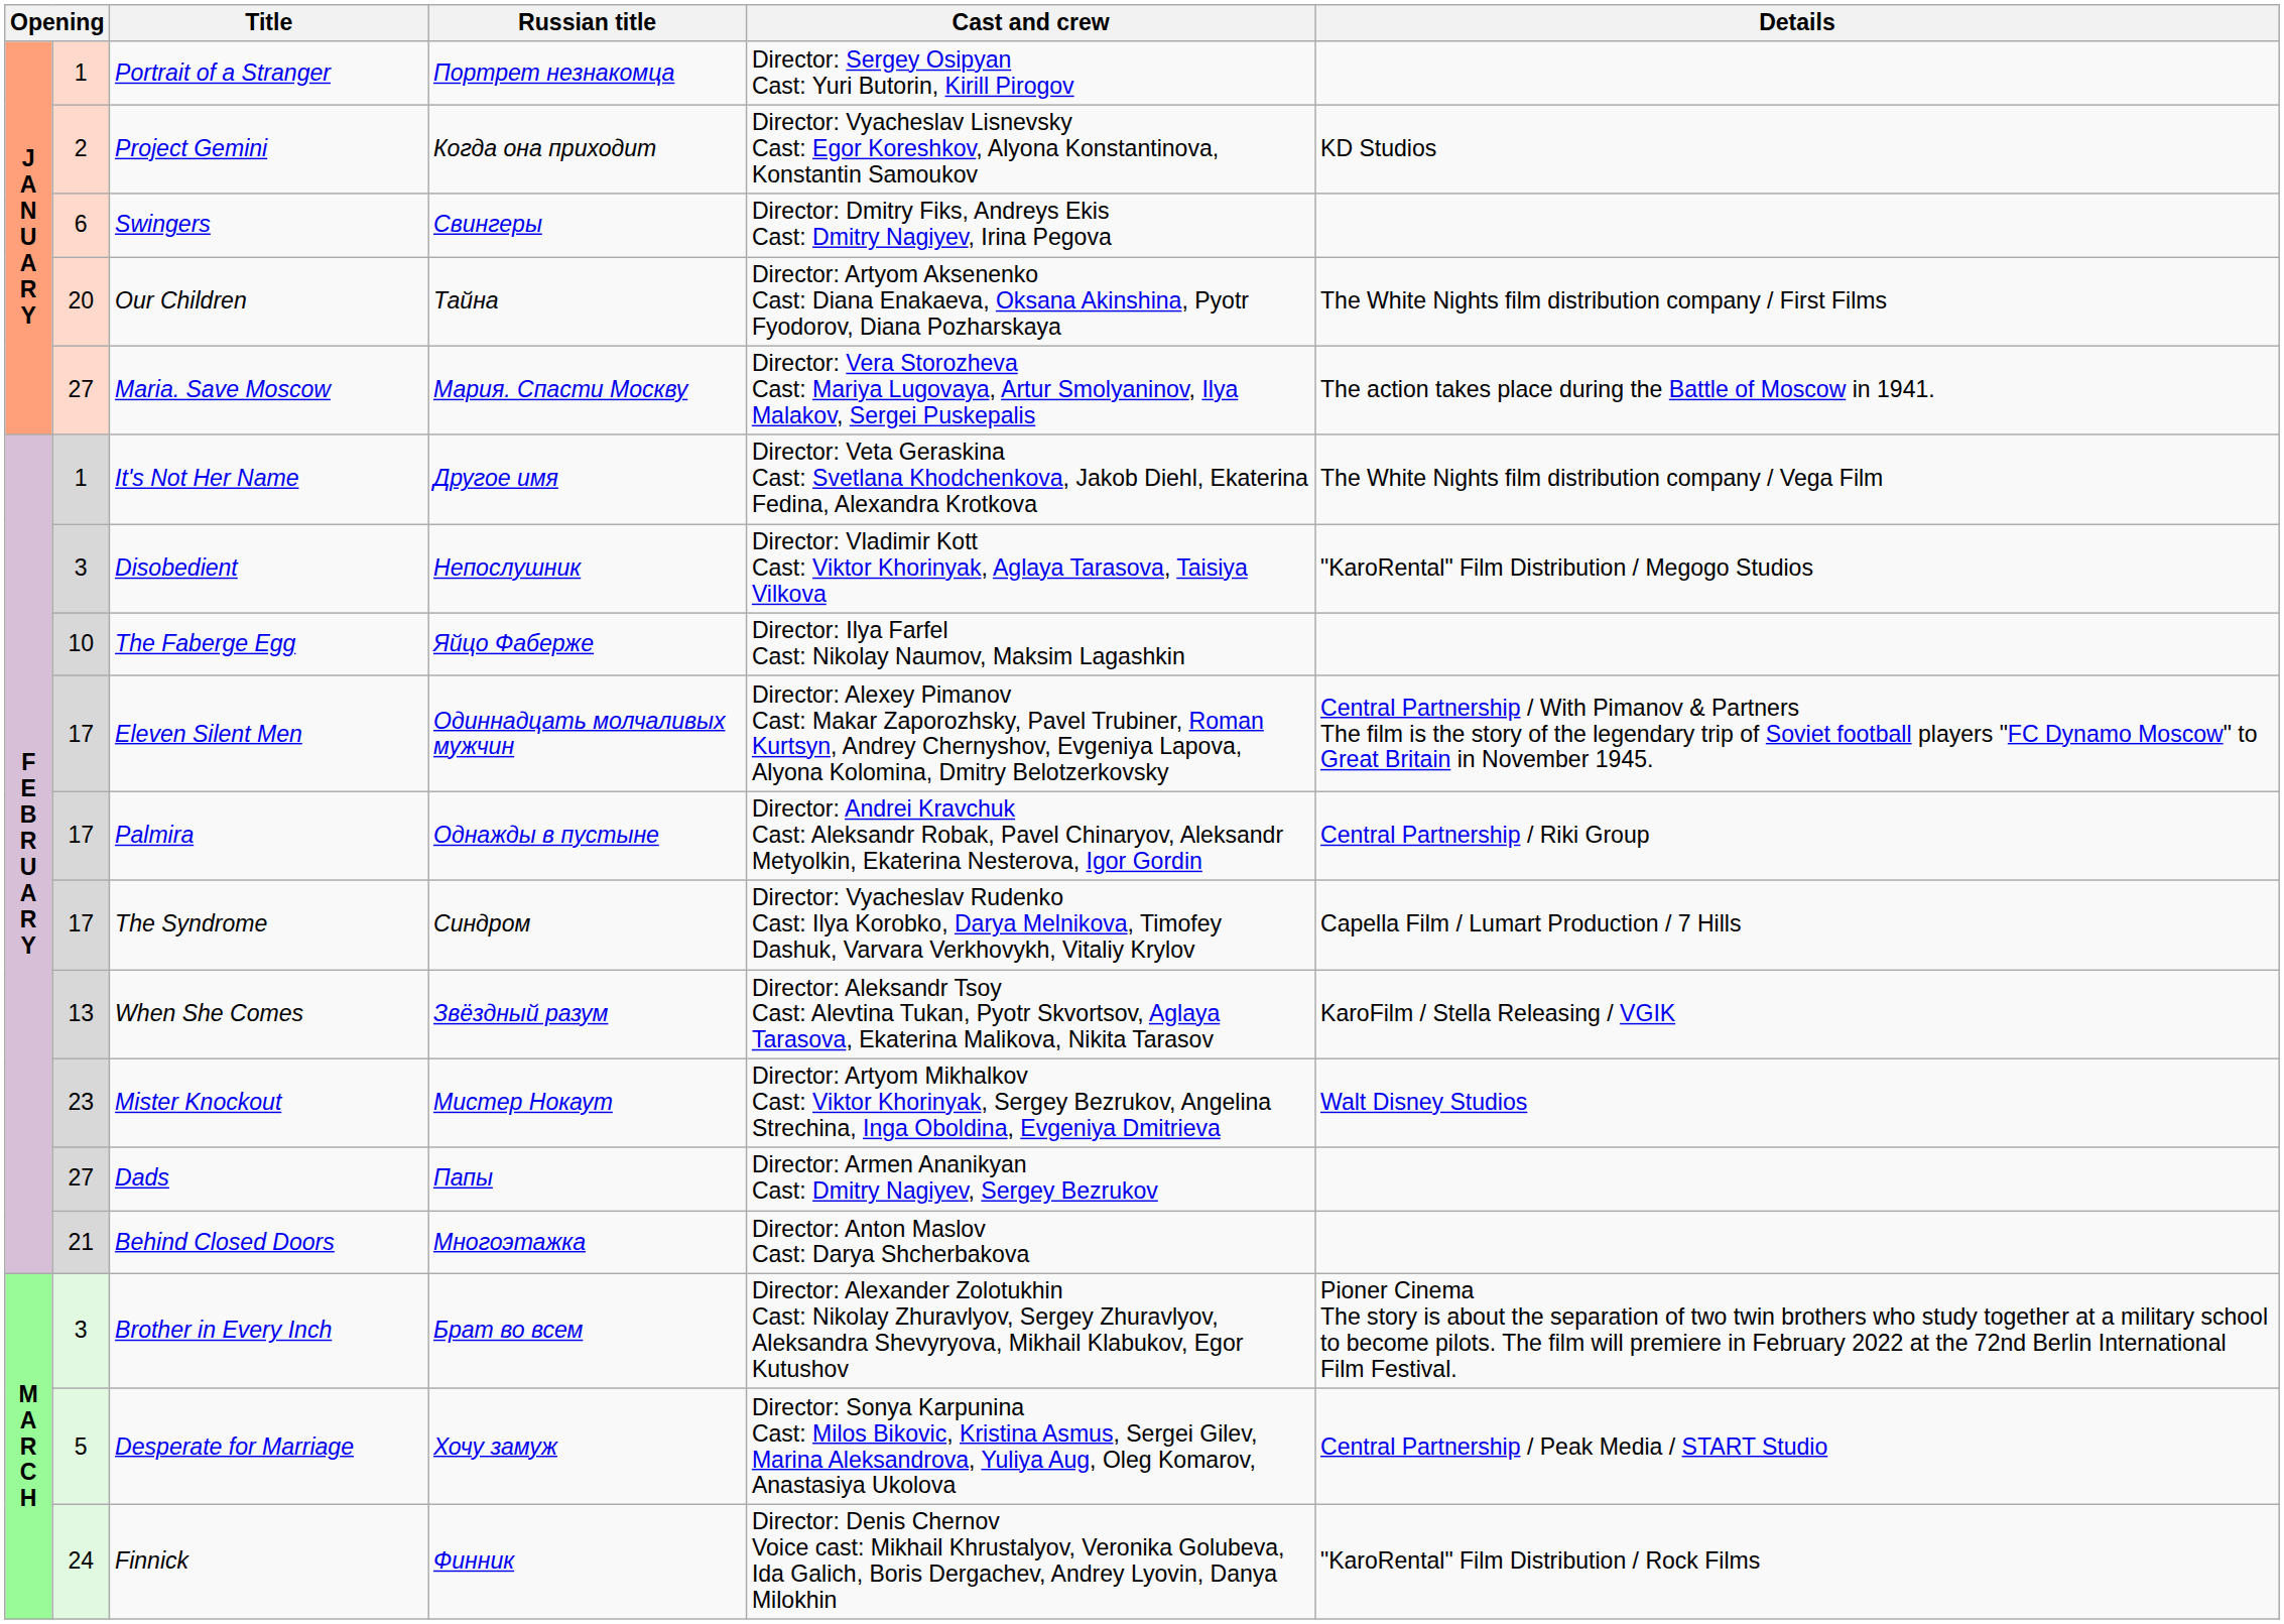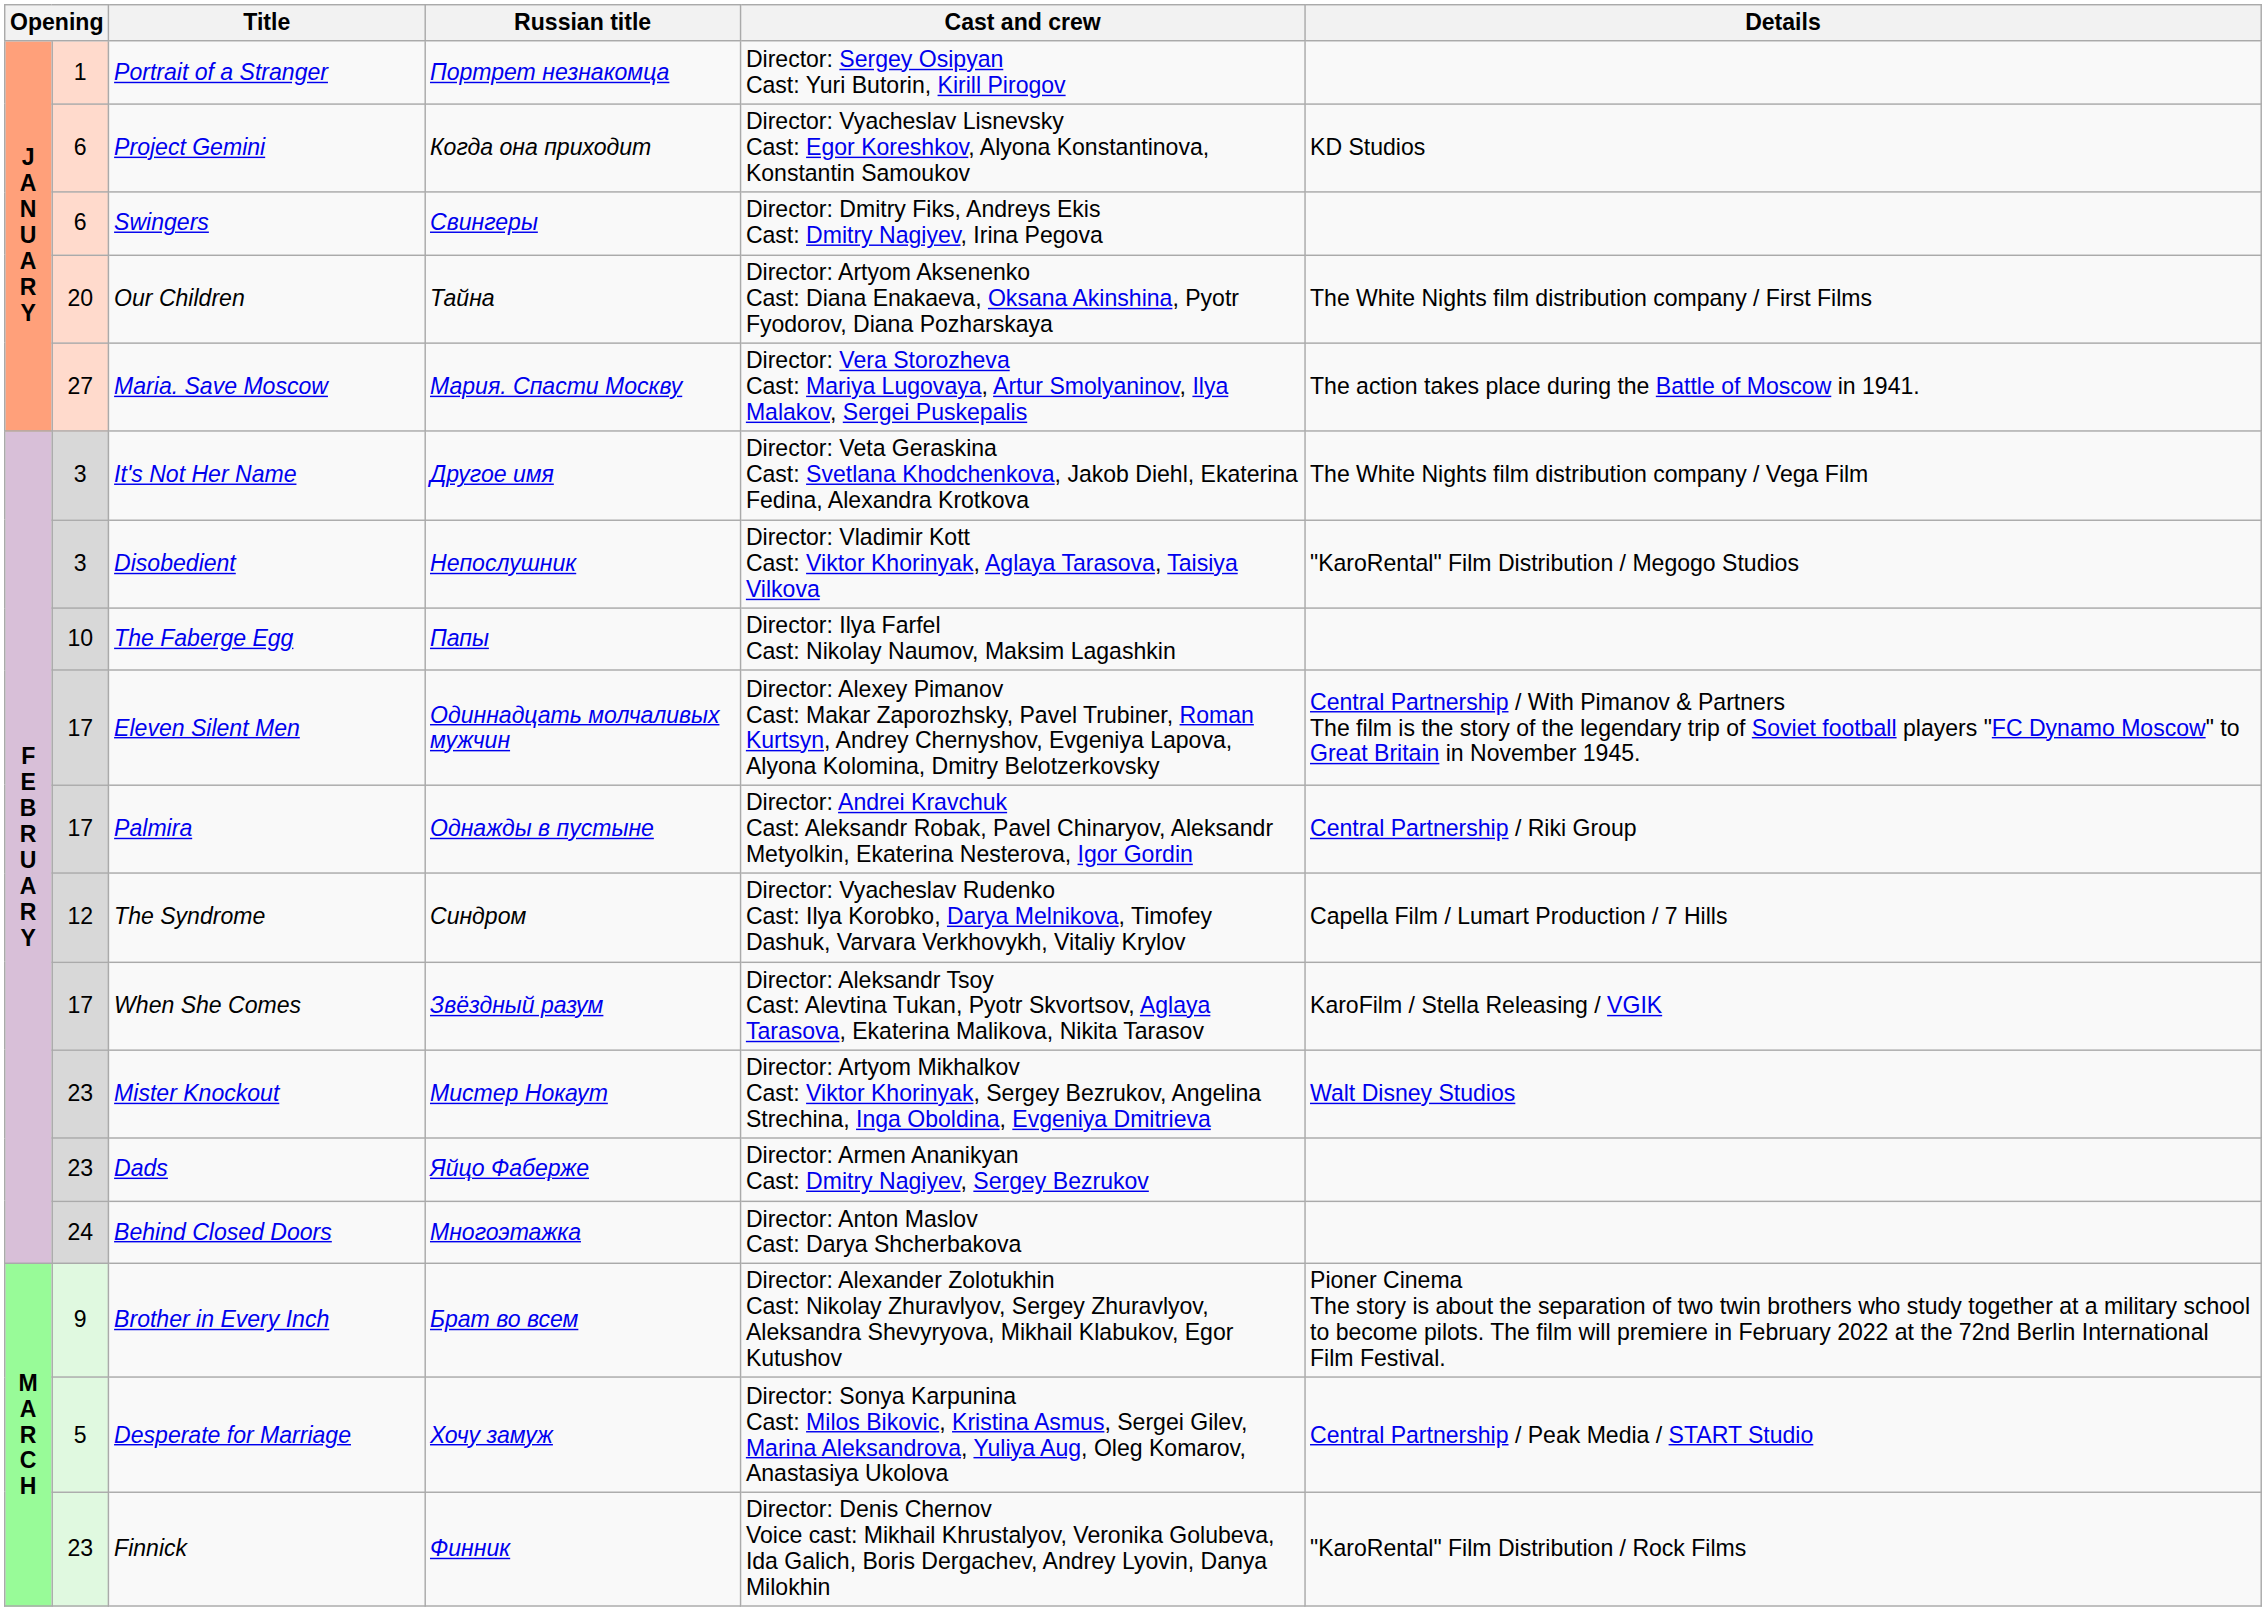 <table class="wikitable">
 <tr>
 <th colspan="2">Opening</th>
 <th style="width:14%;">Title</th>
 <th style="width:14%;">Russian title</th>
 <th style="width:25%;">Cast and crew</th>
 <th>Details</th>
 </tr>
 <tr>
 <th rowspan="5" align="center" style="background:#ffa07a; textcolor:#000;">J<br>A<br>N<br>U<br>A<br>R<br>Y</th>
 <td align="center" style="background:#ffdacc;">1</td>
 <td><em><a href='#'>Portrait of a Stranger</a></em></td>
 <td><em><a href='#'>Портрет незнакомца</a></em></td>
 <td>Director: <a href='#'>Sergey Osipyan</a> <br> Cast: Yuri Butorin, <a href='#'>Kirill Pirogov</a></td>
 <td></td>
 </tr>
 <tr>
-<td align="center" style="background:#ffdacc;">2</td>
+<td align="center" style="background:#ffdacc;">6</td>
 <td><em><a href='#'>Project Gemini</a></em></td>
 <td><em>Когда она приходит</em></td>
 <td>Director: Vyacheslav Lisnevsky <br> Cast: <a href='#'>Egor Koreshkov</a>, Alyona Konstantinova, Konstantin Samoukov</td>
 <td>KD Studios</td>
 </tr>
 <tr>
 <td align="center" style="background:#ffdacc;">6</td>
 <td><em><a href='#'>Swingers</a></em></td>
 <td><em><a href='#'>Свингеры</a></em></td>
 <td>Director: Dmitry Fiks, Andreys Ekis <br> Cast: <a href='#'>Dmitry Nagiyev</a>, Irina Pegova</td>
 <td></td>
 </tr>
 <tr>
 <td align="center" style="background:#ffdacc;">20</td>
 <td><em>Our Children</em></td>
 <td><em>Тайна</em></td>
 <td>Director: Artyom Aksenenko <br> Cast: Diana Enakaeva, <a href='#'>Oksana Akinshina</a>, Pyotr Fyodorov, Diana Pozharskaya</td>
 <td>The White Nights film distribution company / First Films</td>
 </tr>
 <tr>
 <td align="center" style="background:#ffdacc;">27</td>
 <td><em><a href='#'>Maria. Save Moscow</a></em></td>
 <td><em><a href='#'>Мария. Спасти Москву</a></em></td>
 <td>Director: <a href='#'>Vera Storozheva</a> <br> Cast: <a href='#'>Mariya Lugovaya</a>, <a href='#'>Artur Smolyaninov</a>, <a href='#'>Ilya Malakov</a>, <a href='#'>Sergei Puskepalis</a></td>
 <td>The action takes place during the <a href='#'>Battle of Moscow</a> in 1941.</td>
 </tr>
 <tr>
 <th rowspan="10" align="center" style="background:thistle; textcolor:#000;">F<br>E<br>B<br>R<br>U<br>A<br>R<br>Y</th>
-<td align="center" style="background:#d8d8d8;">1</td>
+<td align="center" style="background:#d8d8d8;">3</td>
 <td><em><a href='#'>It's Not Her Name</a></em></td>
 <td><em><a href='#'>Другое имя</a></em></td>
 <td>Director: Veta Geraskina <br> Cast: <a href='#'>Svetlana Khodchenkova</a>, Jakob Diehl, Ekaterina Fedina, Alexandra Krotkova</td>
 <td>The White Nights film distribution company / Vega Film</td>
 </tr>
 <tr>
 <td align="center" style="background:#d8d8d8;">3</td>
 <td><em><a href='#'>Disobedient</a></em></td>
 <td><em><a href='#'>Непослушник</a></em></td>
 <td>Director: Vladimir Kott <br> Cast: <a href='#'>Viktor Khorinyak</a>, <a href='#'>Aglaya Tarasova</a>, <a href='#'>Taisiya Vilkova</a></td>
 <td>"KaroRental" Film Distribution / Megogo Studios</td>
 </tr>
 <tr>
 <td align="center" style="background:#d8d8d8;">10</td>
 <td><em><a href='#'>The Faberge Egg</a></em></td>
-<td><em><a href='#'>Яйцо Фаберже</a></em></td>
+<td><em><a href='#'>Папы</a></em></td>
 <td>Director: Ilya Farfel <br> Cast: Nikolay Naumov, Maksim Lagashkin</td>
 <td></td>
 </tr>
 <tr>
 <td align="center" style="background:#d8d8d8;">17</td>
 <td><em><a href='#'>Eleven Silent Men</a></em></td>
 <td><em><a href='#'>Одиннадцать молчаливых мужчин</a></em></td>
 <td>Director: Alexey Pimanov <br> Cast: Makar Zaporozhsky, Pavel Trubiner, <a href='#'>Roman Kurtsyn</a>, Andrey Chernyshov, Evgeniya Lapova, Alyona Kolomina, Dmitry Belotzerkovsky</td>
 <td><a href='#'>Central Partnership</a> / With Pimanov & Partners <br> The film is the story of the legendary trip of <a href='#'>Soviet football</a> players "<a href='#'>FC Dynamo Moscow</a>" to <a href='#'>Great Britain</a> in November 1945.</td>
 </tr>
 <tr>
 <td align="center" style="background:#d8d8d8;">17</td>
 <td><em><a href='#'>Palmira</a></em></td>
 <td><em><a href='#'>Однажды в пустыне</a></em></td>
 <td>Director: <a href='#'>Andrei Kravchuk</a> <br> Cast: Aleksandr Robak, Pavel Chinaryov, Aleksandr Metyolkin, Ekaterina Nesterova, <a href='#'>Igor Gordin</a></td>
 <td><a href='#'>Central Partnership</a> / Riki Group</td>
 </tr>
 <tr>
-<td align="center" style="background:#d8d8d8;">17</td>
+<td align="center" style="background:#d8d8d8;">12</td>
 <td><em>The Syndrome</em></td>
 <td><em>Синдром</em></td>
 <td>Director: Vyacheslav Rudenko <br> Cast: Ilya Korobko, <a href='#'>Darya Melnikova</a>, Timofey Dashuk, Varvara Verkhovykh, Vitaliy Krylov</td>
 <td>Capella Film / Lumart Production / 7 Hills</td>
 </tr>
 <tr>
-<td align="center" style="background:#d8d8d8;">13</td>
+<td align="center" style="background:#d8d8d8;">17</td>
 <td><em>When She Comes</em></td>
 <td><em><a href='#'>Звёздный разум</a></em></td>
 <td>Director: Aleksandr Tsoy <br> Cast: Alevtina Tukan, Pyotr Skvortsov, <a href='#'>Aglaya Tarasova</a>, Ekaterina Malikova, Nikita Tarasov</td>
 <td>KaroFilm / Stella Releasing / <a href='#'>VGIK</a></td>
 </tr>
 <tr>
 <td align="center" style="background:#d8d8d8;">23</td>
 <td><em><a href='#'>Mister Knockout</a></em></td>
 <td><em><a href='#'>Мистер Нокаут</a></em></td>
 <td>Director: Artyom Mikhalkov <br> Cast: <a href='#'>Viktor Khorinyak</a>, Sergey Bezrukov, Angelina Strechina, <a href='#'>Inga Oboldina</a>, <a href='#'>Evgeniya Dmitrieva</a></td>
 <td><a href='#'>Walt Disney Studios</a></td>
 </tr>
 <tr>
-<td align="center" style="background:#d8d8d8;">27</td>
+<td align="center" style="background:#d8d8d8;">23</td>
 <td><em><a href='#'>Dads</a></em></td>
-<td><em><a href='#'>Папы</a></em></td>
+<td><em><a href='#'>Яйцо Фаберже</a></em></td>
 <td>Director: Armen Ananikyan <br> Cast: <a href='#'>Dmitry Nagiyev</a>, <a href='#'>Sergey Bezrukov</a></td>
 <td></td>
 </tr>
 <tr>
-<td align="center" style="background:#d8d8d8;">21</td>
+<td align="center" style="background:#d8d8d8;">24</td>
 <td><em><a href='#'>Behind Closed Doors</a></em></td>
 <td><em><a href='#'>Многоэтажка</a></em></td>
 <td>Director: Anton Maslov <br> Cast: Darya Shcherbakova</td>
 <td></td>
 </tr>
 <tr>
 <th rowspan="3" align="center" style="background:#98fb98; textcolor:#000;">M<br>A<br>R<br>C<br>H</th>
-<td align="center" style="background:#e0f9e0;">3</td>
+<td align="center" style="background:#e0f9e0;">9</td>
 <td><em><a href='#'>Brother in Every Inch</a></em></td>
 <td><em><a href='#'>Брат во всем</a></em></td>
 <td>Director: Alexander Zolotukhin <br> Cast: Nikolay Zhuravlyov, Sergey Zhuravlyov, Aleksandra Shevyryova, Mikhail Klabukov, Egor Kutushov</td>
 <td>Pioner Cinema <br> The story is about the separation of two twin brothers who study together at a military school to become pilots. The film will premiere in February 2022 at the 72nd Berlin International Film Festival.</td>
 </tr>
 <tr>
 <td align="center" style="background:#e0f9e0;">5</td>
 <td><em><a href='#'>Desperate for Marriage</a></em></td>
 <td><em><a href='#'>Хочу замуж</a></em></td>
 <td>Director: Sonya Karpunina <br> Cast: <a href='#'>Milos Bikovic</a>, <a href='#'>Kristina Asmus</a>, Sergei Gilev, <a href='#'>Marina Aleksandrova</a>, <a href='#'>Yuliya Aug</a>, Oleg Komarov, Anastasiya Ukolova</td>
 <td><a href='#'>Central Partnership</a> / Peak Media / <a href='#'>START Studio</a></td>
 </tr>
 <tr>
-<td align="center" style="background:#e0f9e0;">24</td>
+<td align="center" style="background:#e0f9e0;">23</td>
 <td><em>Finnick</em></td>
 <td><em><a href='#'>Финник</a></em></td>
 <td>Director: Denis Chernov <br> Voice cast: Mikhail Khrustalyov, Veronika Golubeva, Ida Galich, Boris Dergachev, Andrey Lyovin, Danya Milokhin</td>
 <td>"KaroRental" Film Distribution / Rock Films</td>
 </tr>
 </table>
